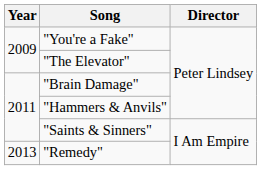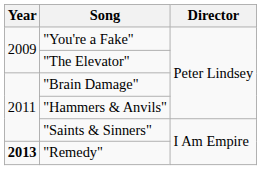 <table class="wikitable">
 <tr>
 <th>Year</th>
 <th>Song</th>
 <th>Director</th>
 </tr>
 <tr>
 <td rowspan="2">2009</td>
 <td>"You're a Fake"</td>
 <td rowspan="4">Peter Lindsey</td>
 </tr>
 <tr>
 <td>"The Elevator"</td>
 </tr>
 <tr>
 <td rowspan="3">2011</td>
 <td>"Brain Damage"</td>
 </tr>
 <tr>
 <td>"Hammers & Anvils"</td>
 </tr>
 <tr>
 <td>"Saints & Sinners"</td>
 <td rowspan="2">I Am Empire</td>
 </tr>
 <tr>
-<td>2013</td>
+<td><strong>2013</strong></td>
 <td>"Remedy"</td>
 </tr>
 </table>
